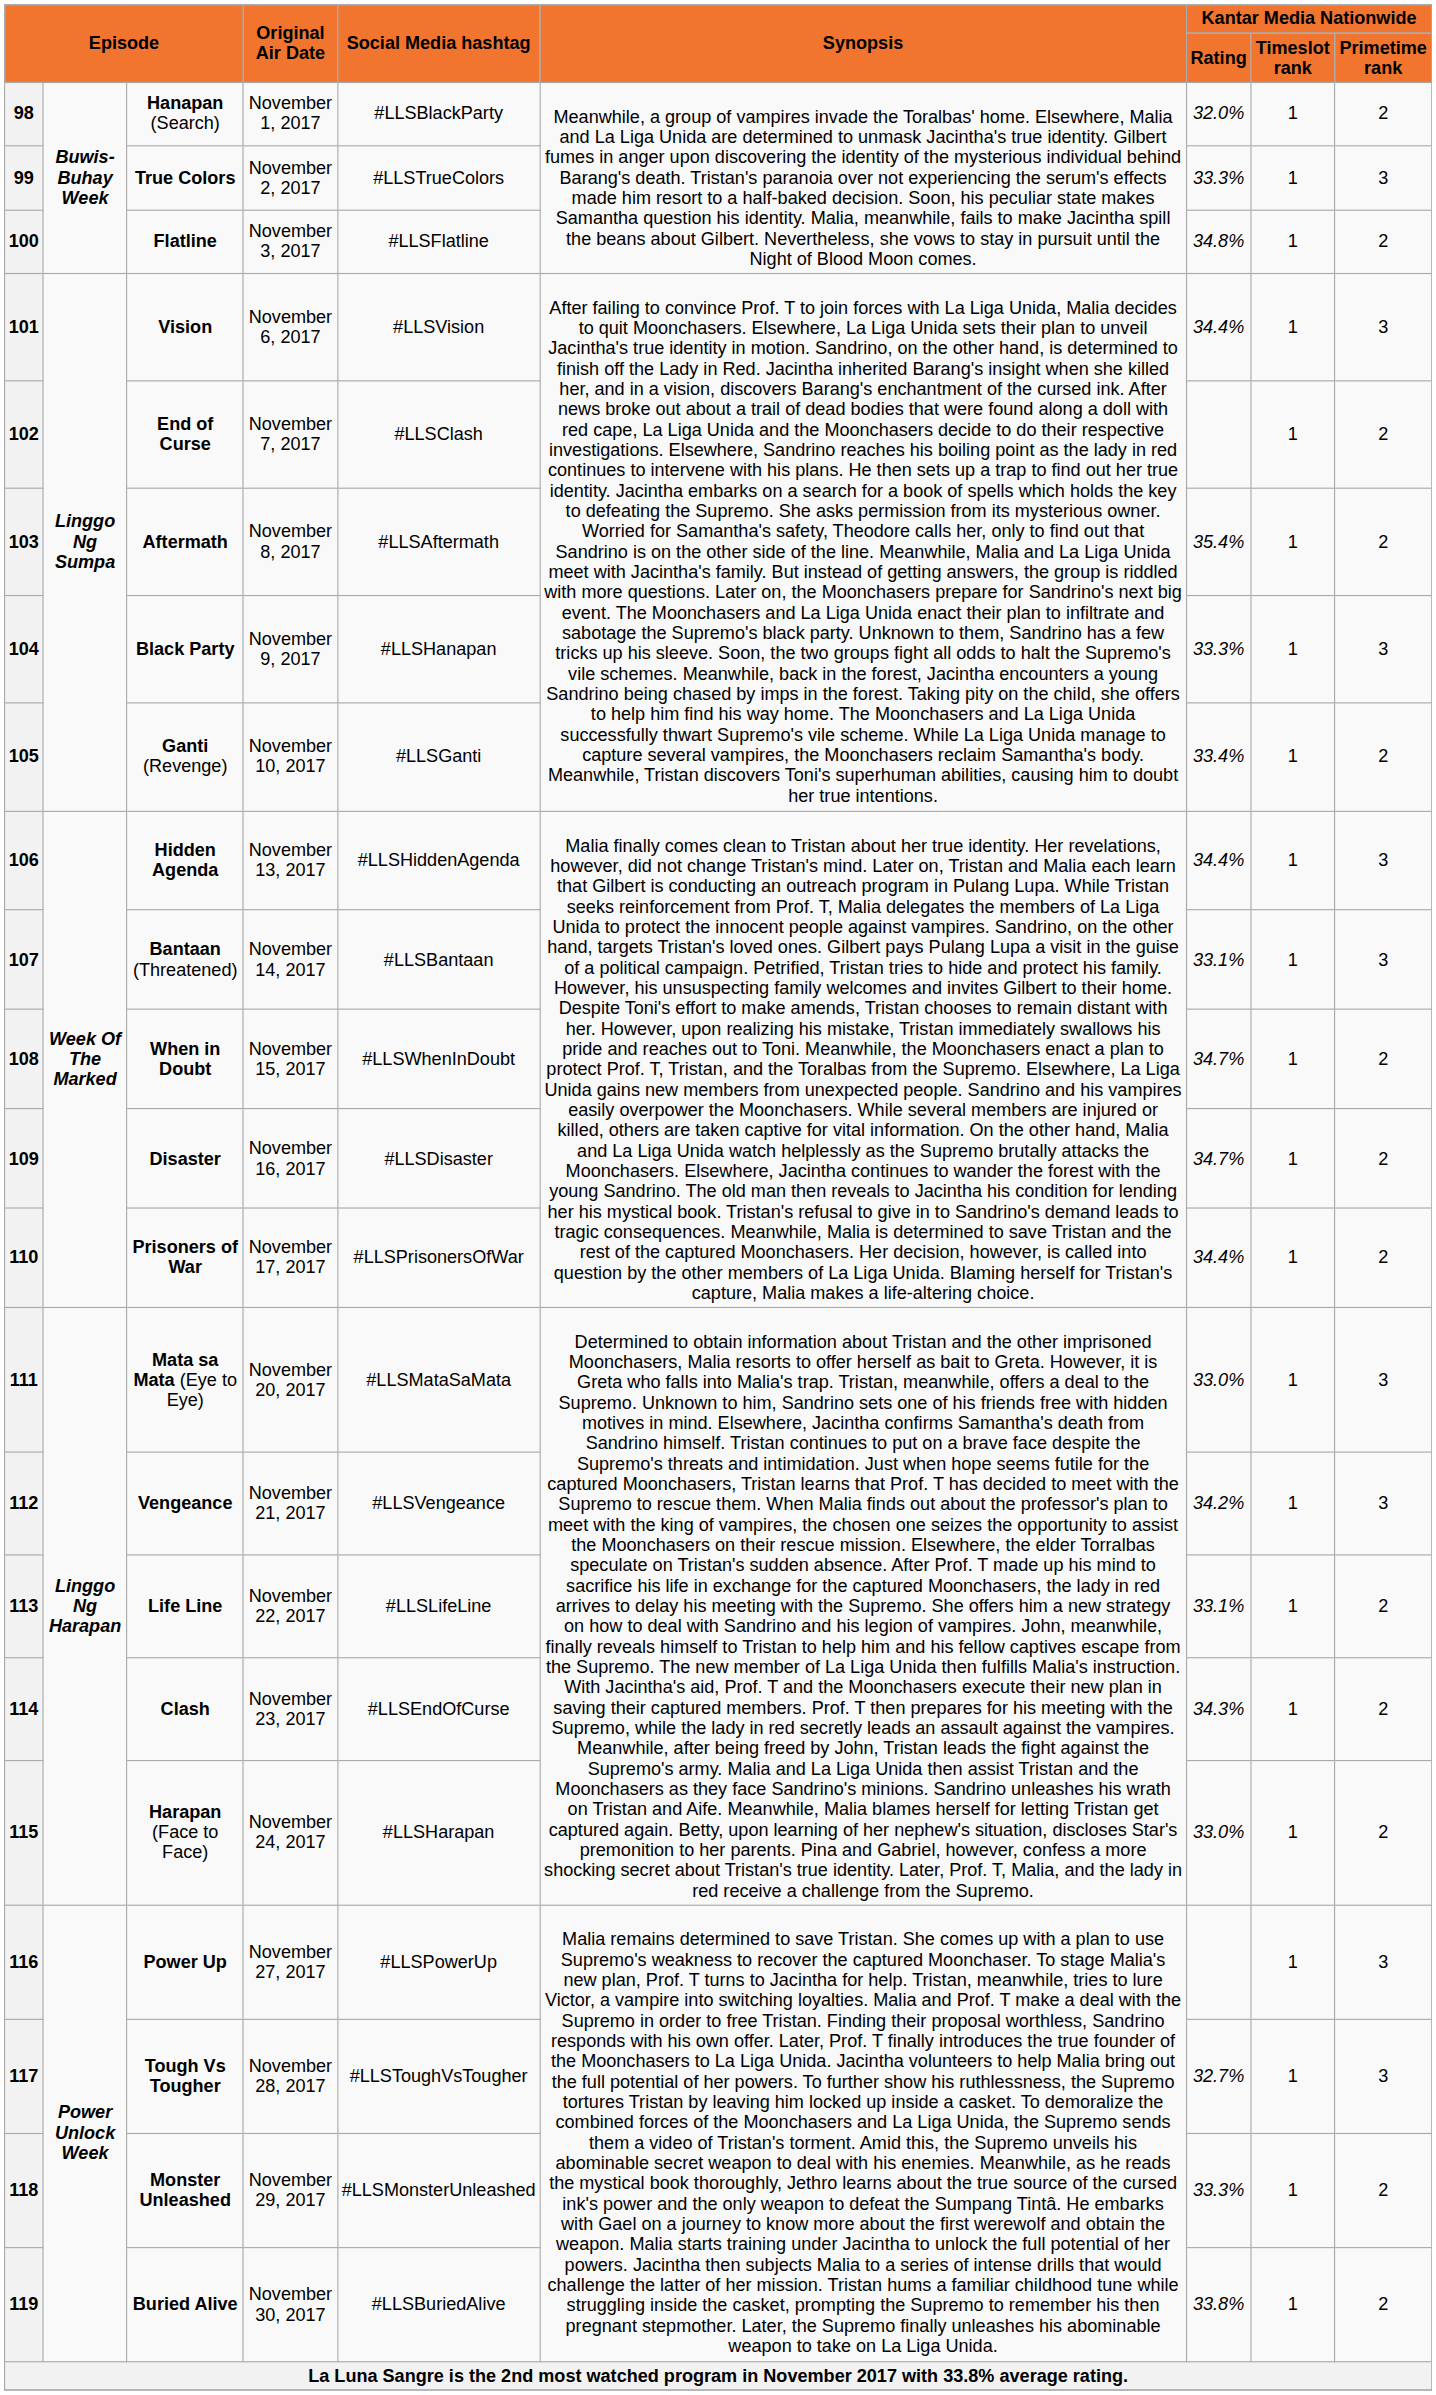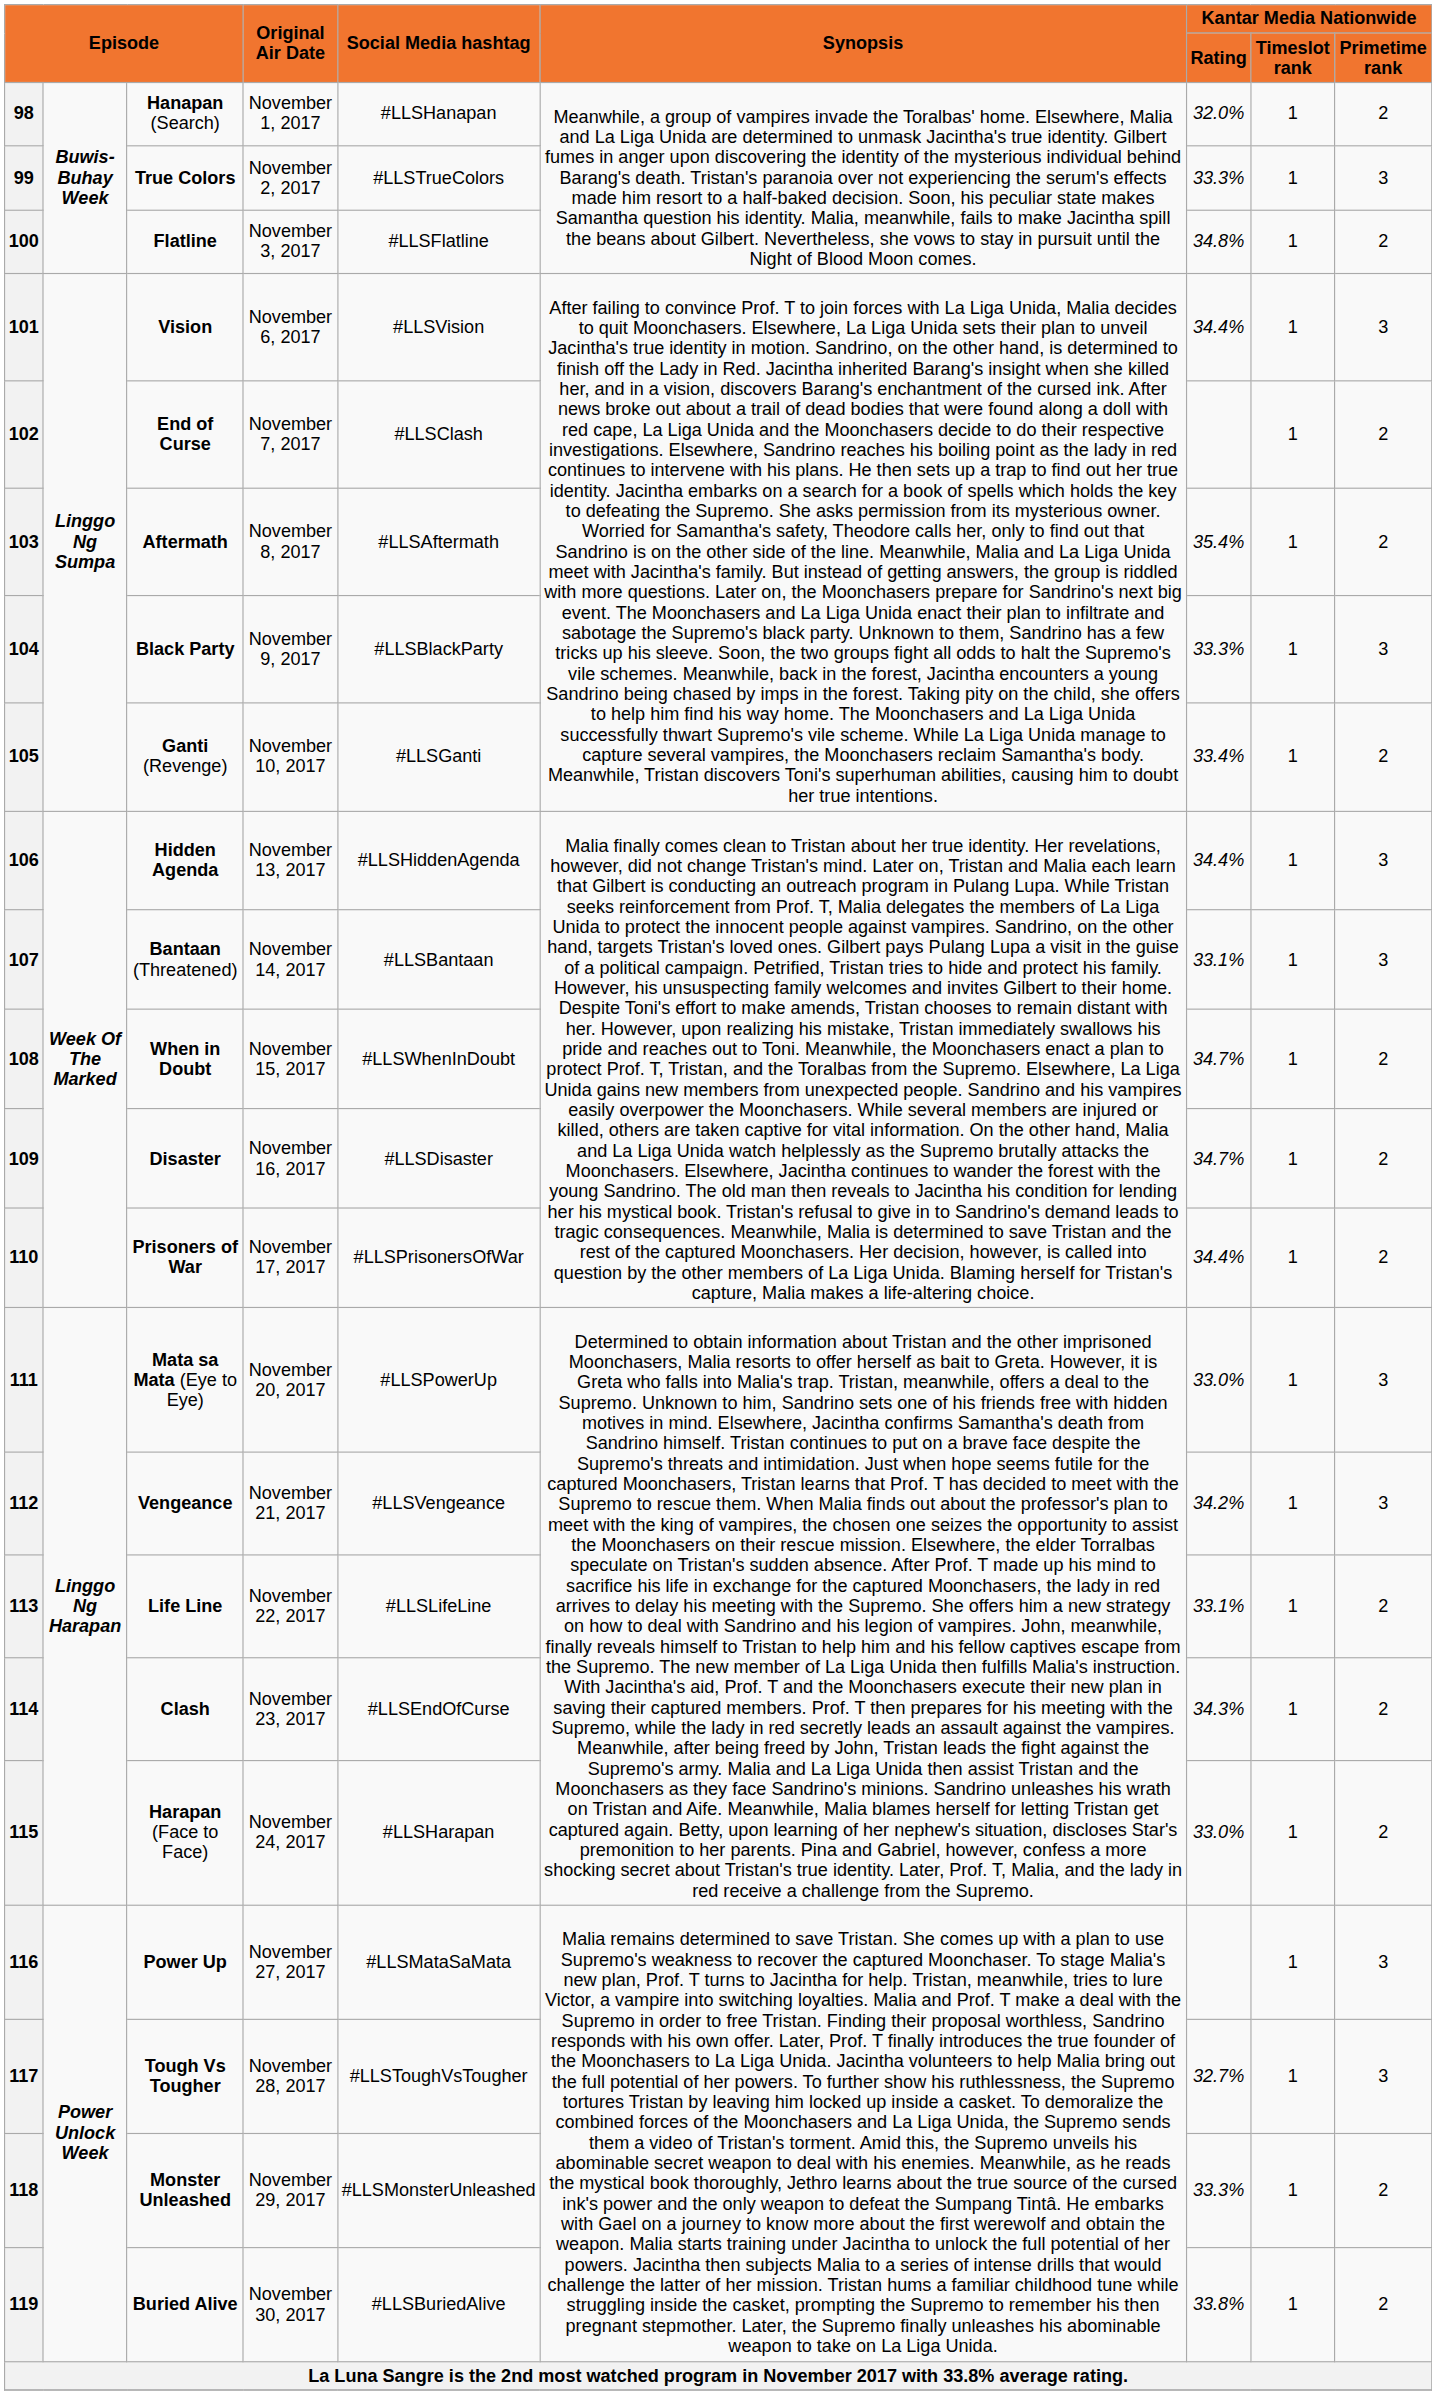 <table class="wikitable" style="text-align:center; font-size:100%; line-height:18px;"  width="100%">
 <tr>
 <th style="background-color:#F1752F; color:#000000;" colspan="3" rowspan="2">Episode</th>
 <th style="background-color:#F1752F; color:#000000;" rowspan="2">Original Air Date</th>
 <th style="background-color:#F1752F; color:#000000;" rowspan="2">Social Media hashtag</th>
 <th style="background-color:#F1752F; color:#000000;" rowspan="2">Synopsis</th>
 <th style="background-color:#F1752F; color:#000000;" colspan="3">Kantar Media Nationwide</th>
 </tr>
 <tr>
 <th style="background-color:#F1752F; color:#000000;">Rating</th>
 <th style="background-color:#F1752F; color:#000000;">Timeslot rank</th>
 <th style="background-color:#F1752F; color:#000000;">Primetime rank</th>
 </tr>
 <tr>
 <th>98</th>
 <td rowspan="3"><strong><em>Buwis-Buhay Week</em></strong></td>
 <td><strong>Hanapan</strong> (Search)</td>
 <td>November 1, 2017</td>
-<td>#LLSBlackParty</td>
+<td>#LLSHanapan</td>
 <td rowspan="3"><br>Meanwhile, a group of vampires invade the Toralbas' home. Elsewhere, Malia and La Liga Unida are determined to unmask Jacintha's true identity. Gilbert fumes in anger upon discovering the identity of the mysterious individual behind Barang's death. Tristan's paranoia over not experiencing the serum's effects made him resort to a half-baked decision. Soon, his peculiar state makes Samantha question his identity. Malia, meanwhile, fails to make Jacintha spill the beans about Gilbert. Nevertheless, she vows to stay in pursuit until the Night of Blood Moon comes.</td>
 <td><em>32.0%</em></td>
 <td>1</td>
 <td>2</td>
 </tr>
 <tr>
 <th>99</th>
 <td><strong>True Colors</strong></td>
 <td>November 2, 2017</td>
 <td>#LLSTrueColors</td>
 <td><em>33.3%</em></td>
 <td>1</td>
 <td>3</td>
 </tr>
 <tr>
 <th>100</th>
 <td><strong>Flatline</strong></td>
 <td>November 3, 2017</td>
 <td>#LLSFlatline</td>
 <td><em>34.8%</em></td>
 <td>1</td>
 <td>2</td>
 </tr>
 <tr>
 <th>101</th>
 <td rowspan="5"><strong><em>Linggo Ng Sumpa</em></strong></td>
 <td><strong>Vision</strong></td>
 <td>November 6, 2017</td>
 <td>#LLSVision</td>
 <td rowspan="5"><br>After failing to convince Prof. T to join forces with La Liga Unida, Malia decides to quit Moonchasers. Elsewhere, La Liga Unida sets their plan to unveil Jacintha's true identity in motion. Sandrino, on the other hand, is determined to finish off the Lady in Red. Jacintha inherited Barang's insight when she killed her, and in a vision, discovers Barang's enchantment of the cursed ink. After news broke out about a trail of dead bodies that were found along a doll with red cape, La Liga Unida and the Moonchasers decide to do their respective investigations. Elsewhere, Sandrino reaches his boiling point as the lady in red continues to intervene with his plans. He then sets up a trap to find out her true identity. Jacintha embarks on a search for a book of spells which holds the key to defeating the Supremo. She asks permission from its mysterious owner. Worried for Samantha's safety, Theodore calls her, only to find out that Sandrino is on the other side of the line. Meanwhile, Malia and La Liga Unida meet with Jacintha's family. But instead of getting answers, the group is riddled with more questions. Later on, the Moonchasers prepare for Sandrino's next big event. The Moonchasers and La Liga Unida enact their plan to infiltrate and sabotage the Supremo's black party. Unknown to them, Sandrino has a few tricks up his sleeve. Soon, the two groups fight all odds to halt the Supremo's vile schemes. Meanwhile, back in the forest,  Jacintha encounters a young Sandrino being chased by imps in the forest. Taking pity on the child, she offers to help him find his way home. The Moonchasers and La Liga Unida successfully thwart Supremo's vile scheme. While La Liga Unida manage to capture several vampires, the Moonchasers reclaim Samantha's body. Meanwhile, Tristan discovers Toni's superhuman abilities, causing him to doubt her true intentions.</td>
 <td><em>34.4%</em></td>
 <td>1</td>
 <td>3</td>
 </tr>
 <tr>
 <th>102</th>
 <td><strong>End of Curse</strong></td>
 <td>November 7, 2017</td>
 <td>#LLSClash</td>
 <td></td>
 <td>1</td>
 <td>2</td>
 </tr>
 <tr>
 <th>103</th>
 <td><strong>Aftermath</strong></td>
 <td>November 8, 2017</td>
 <td>#LLSAftermath</td>
 <td><em>35.4%</em></td>
 <td>1</td>
 <td>2</td>
 </tr>
 <tr>
 <th>104</th>
 <td><strong>Black Party</strong></td>
 <td>November 9, 2017</td>
-<td>#LLSHanapan</td>
+<td>#LLSBlackParty</td>
 <td><em>33.3%</em></td>
 <td>1</td>
 <td>3</td>
 </tr>
 <tr>
 <th>105</th>
 <td><strong>Ganti</strong> (Revenge)</td>
 <td>November 10, 2017</td>
 <td>#LLSGanti</td>
 <td><em>33.4%</em></td>
 <td>1</td>
 <td>2</td>
 </tr>
 <tr>
 <th>106</th>
 <td rowspan="5"><strong><em>Week Of The Marked</em></strong></td>
 <td><strong>Hidden Agenda</strong></td>
 <td>November 13, 2017</td>
 <td>#LLSHiddenAgenda</td>
 <td rowspan="5"><br>Malia finally comes clean to Tristan about her true identity. Her revelations, however, did not change Tristan's mind. Later on, Tristan and Malia each learn that Gilbert is conducting an outreach program in Pulang Lupa. While Tristan seeks reinforcement from Prof. T, Malia delegates the members of La Liga Unida to protect the innocent people against vampires. Sandrino, on the other hand, targets Tristan's loved ones. Gilbert pays Pulang Lupa a visit in the guise of a political campaign. Petrified, Tristan tries to hide and protect his family. However, his unsuspecting family welcomes and invites Gilbert to their home. Despite Toni's effort to make amends, Tristan chooses to remain distant with her. However, upon realizing his mistake, Tristan immediately swallows his pride and reaches out to Toni. Meanwhile, the Moonchasers enact a plan to protect Prof. T, Tristan, and the Toralbas from the Supremo. Elsewhere, La Liga Unida gains new members from unexpected people. Sandrino and his vampires easily overpower the Moonchasers. While several members are injured or killed, others are taken captive for vital information. On the other hand, Malia and La Liga Unida watch helplessly as the Supremo brutally attacks the Moonchasers. Elsewhere, Jacintha continues to wander the forest with the young Sandrino. The old man then reveals to Jacintha his condition for lending her his mystical book. Tristan's refusal to give in to Sandrino's demand leads to tragic consequences. Meanwhile, Malia is determined to save Tristan and the rest of the captured Moonchasers. Her decision, however, is called into question by the other members of La Liga Unida. Blaming herself for Tristan's capture, Malia makes a life-altering choice.</td>
 <td><em>34.4%</em></td>
 <td>1</td>
 <td>3</td>
 </tr>
 <tr>
 <th>107</th>
 <td><strong>Bantaan</strong> (Threatened)</td>
 <td>November 14, 2017</td>
 <td>#LLSBantaan</td>
 <td><em>33.1%</em></td>
 <td>1</td>
 <td>3</td>
 </tr>
 <tr>
 <th>108</th>
 <td><strong>When in Doubt</strong></td>
 <td>November 15, 2017</td>
 <td>#LLSWhenInDoubt</td>
 <td><em>34.7%</em></td>
 <td>1</td>
 <td>2</td>
 </tr>
 <tr>
 <th>109</th>
 <td><strong>Disaster</strong></td>
 <td>November 16, 2017</td>
 <td>#LLSDisaster</td>
 <td><em>34.7%</em></td>
 <td>1</td>
 <td>2</td>
 </tr>
 <tr>
 <th>110</th>
 <td><strong>Prisoners of War</strong></td>
 <td>November 17, 2017</td>
 <td>#LLSPrisonersOfWar</td>
 <td><em>34.4%</em></td>
 <td>1</td>
 <td>2</td>
 </tr>
 <tr>
 <th>111</th>
 <td rowspan="5"><strong><em>Linggo Ng Harapan</em></strong></td>
 <td><strong>Mata sa Mata</strong> (Eye to Eye)</td>
 <td>November 20, 2017</td>
-<td>#LLSMataSaMata</td>
+<td>#LLSPowerUp</td>
 <td rowspan="5"><br>Determined to obtain information about Tristan and the other imprisoned Moonchasers, Malia resorts to offer herself as bait to Greta. However, it is Greta who falls into Malia's trap. Tristan, meanwhile, offers a deal to the Supremo. Unknown to him, Sandrino sets one of his friends free with hidden motives in mind. Elsewhere, Jacintha confirms Samantha's death from Sandrino himself. Tristan continues to put on a brave face despite the Supremo's threats and intimidation. Just when hope seems futile for the captured Moonchasers, Tristan learns that Prof. T has decided to meet with the Supremo to rescue them. When Malia finds out about the professor's plan to meet with the king of vampires, the chosen one seizes the opportunity to assist the Moonchasers on their rescue mission. Elsewhere, the elder Torralbas speculate on Tristan's sudden absence. After Prof. T made up his mind to sacrifice his life in exchange for the captured Moonchasers, the lady in red arrives to delay his meeting with the Supremo. She offers him a new strategy on how to deal with Sandrino and his legion of vampires. John, meanwhile, finally reveals himself to Tristan to help him and his fellow captives escape from the Supremo. The new member of La Liga Unida then fulfills Malia's instruction. With Jacintha's aid, Prof. T and the Moonchasers execute their new plan in saving their captured members. Prof. T then prepares for his meeting with the Supremo, while the lady in red secretly leads an assault against the vampires. Meanwhile, after being freed by John, Tristan leads the fight against the Supremo's army. Malia and La Liga Unida then assist Tristan and the Moonchasers as they face Sandrino's minions. Sandrino unleashes his wrath on Tristan and Aife. Meanwhile, Malia blames herself for letting Tristan get captured again. Betty, upon learning of her nephew's situation, discloses Star's premonition to her parents. Pina and Gabriel, however, confess a more shocking secret about Tristan's true identity. Later, Prof. T, Malia, and the lady in red receive a challenge from the Supremo.</td>
 <td><em>33.0%</em></td>
 <td>1</td>
 <td>3</td>
 </tr>
 <tr>
 <th>112</th>
 <td><strong>Vengeance</strong></td>
 <td>November 21, 2017</td>
 <td>#LLSVengeance</td>
 <td><em>34.2%</em></td>
 <td>1</td>
 <td>3</td>
 </tr>
 <tr>
 <th>113</th>
 <td><strong>Life Line</strong></td>
 <td>November 22, 2017</td>
 <td>#LLSLifeLine</td>
 <td><em>33.1%</em></td>
 <td>1</td>
 <td>2</td>
 </tr>
 <tr>
 <th>114</th>
 <td><strong>Clash</strong></td>
 <td>November 23, 2017</td>
 <td>#LLSEndOfCurse</td>
 <td><em>34.3%</em></td>
 <td>1</td>
 <td>2</td>
 </tr>
 <tr>
 <th>115</th>
 <td><strong>Harapan</strong> (Face to Face)</td>
 <td>November 24, 2017</td>
 <td>#LLSHarapan</td>
 <td><em>33.0%</em></td>
 <td>1</td>
 <td>2</td>
 </tr>
 <tr>
 <th>116</th>
 <td rowspan="4"><strong><em>Power Unlock Week</em></strong></td>
 <td><strong>Power Up</strong></td>
 <td>November 27, 2017</td>
-<td>#LLSPowerUp</td>
+<td>#LLSMataSaMata</td>
 <td rowspan="4"><br>Malia remains determined to save Tristan. She comes up with a plan to use Supremo's weakness to recover the captured Moonchaser. To stage Malia's new plan, Prof. T turns to Jacintha for help. Tristan, meanwhile, tries to lure Victor, a vampire into switching loyalties. Malia and Prof. T make a deal with the Supremo in order to free Tristan. Finding their proposal worthless, Sandrino responds with his own offer. Later, Prof. T finally introduces the true founder of the Moonchasers to La Liga Unida. Jacintha volunteers to help Malia bring out the full potential of her powers. To further show his ruthlessness, the Supremo tortures Tristan by leaving him locked up inside a casket. To demoralize the combined forces of the Moonchasers and La Liga Unida, the Supremo sends them a video of Tristan's torment. Amid this, the Supremo unveils his abominable secret weapon to deal with his enemies. Meanwhile, as he reads the mystical book thoroughly, Jethro learns about the true source of the cursed ink's power and the only weapon to defeat the Sumpang Tintâ. He embarks with Gael on a journey to know more about the first werewolf and obtain the weapon. Malia starts training under Jacintha to unlock the full potential of her powers. Jacintha then subjects Malia to a series of intense drills that would challenge the latter of her mission. Tristan hums a familiar childhood tune while struggling inside the casket, prompting the Supremo to remember his then pregnant stepmother. Later, the Supremo finally unleashes his abominable weapon to take on La Liga Unida.</td>
 <td></td>
 <td>1</td>
 <td>3</td>
 </tr>
 <tr>
 <th>117</th>
 <td><strong>Tough Vs Tougher</strong></td>
 <td>November 28, 2017</td>
 <td>#LLSToughVsTougher</td>
 <td><em>32.7%</em></td>
 <td>1</td>
 <td>3</td>
 </tr>
 <tr>
 <th>118</th>
 <td><strong>Monster Unleashed</strong></td>
 <td>November 29, 2017</td>
 <td>#LLSMonsterUnleashed</td>
 <td><em>33.3%</em></td>
 <td>1</td>
 <td>2</td>
 </tr>
 <tr>
 <th>119</th>
 <td><strong>Buried Alive</strong></td>
 <td>November 30, 2017</td>
 <td>#LLSBuriedAlive</td>
 <td><em>33.8%</em></td>
 <td>1</td>
 <td>2</td>
 </tr>
 <tr>
 <th colspan = "9" style="text-align: center; border-: 3px solid #ffba31;">La Luna Sangre is the 2nd most watched program in November 2017 with 33.8% average rating.</th>
 </tr>
 <tr>
 </tr>
 </table>
